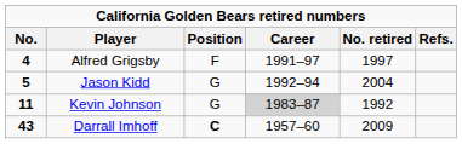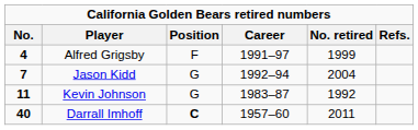 <table class="wikitable sortable" style="text-align:center">
 <tr>
 <td colspan="6"><strong> California Golden Bears retired numbers</strong></td>
 </tr>
 <tr>
 <th width=40px>No.</th>
 <th width=150px>Player</th>
 <th width=40px>Position</th>
 <th width=100px>Career</th>
 <th width=px>No. retired</th>
 <th width=px>Refs.</th>
 </tr>
 <tr>
 <td><strong>4</strong></td>
 <td>Alfred Grigsby</td>
 <td>F</td>
 <td>1991–97</td>
-<td>1997</td>
+<td>1999</td>
 <td></td>
 </tr>
 <tr>
-<td><strong>5</strong></td>
+<td><strong>7</strong></td>
 <td><a href='#'>Jason Kidd</a></td>
 <td>G</td>
 <td>1992–94</td>
 <td>2004</td>
 <td></td>
 </tr>
 <tr>
 <td><strong>11</strong></td>
 <td><a href='#'>Kevin Johnson</a></td>
 <td>G</td>
-<td style="background: lightgrey;">1983–87</td>
+<td>1983–87</td>
 <td>1992</td>
 <td></td>
 </tr>
 <tr>
-<td><strong>43</strong></td>
+<td><strong>40</strong></td>
 <td><a href='#'>Darrall Imhoff</a></td>
 <td><strong>C</strong></td>
 <td>1957–60</td>
-<td>2009</td>
+<td>2011</td>
 <td></td>
 </tr>
 </table>
